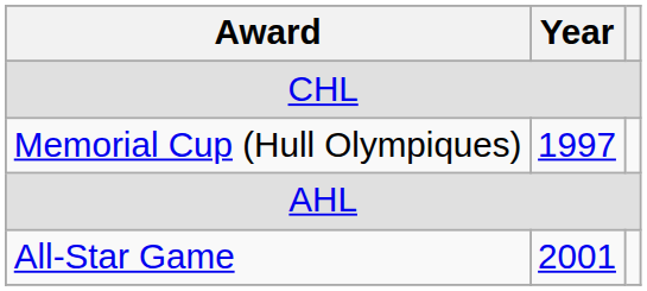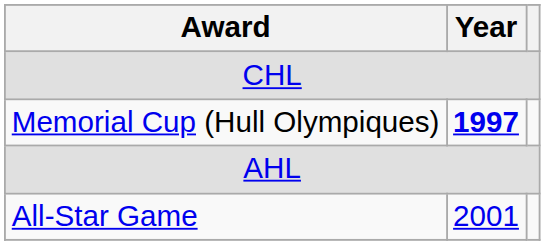 <table class="wikitable">
 <tr>
 <th>Award</th>
 <th>Year</th>
 <th></th>
 </tr>
 <tr ALIGN="center" bgcolor="#e0e0e0">
 <td colspan="3"><a href='#'>CHL</a></td>
 </tr>
 <tr>
 <td><a href='#'>Memorial Cup</a> (Hull Olympiques)</td>
-<td><a href='#'>1997</a></td>
+<td><strong><a href='#'>1997</a></strong></td>
 <td></td>
 </tr>
 <tr ALIGN="center" bgcolor="#e0e0e0">
 <td colspan="3"><a href='#'>AHL</a></td>
 </tr>
 <tr>
 <td><a href='#'>All-Star Game</a></td>
 <td><a href='#'>2001</a></td>
 <td></td>
 </tr>
 </table>
